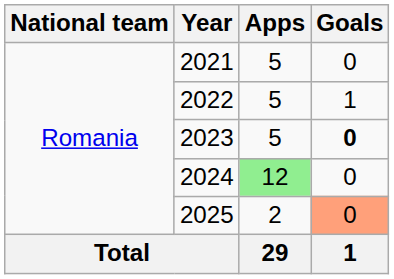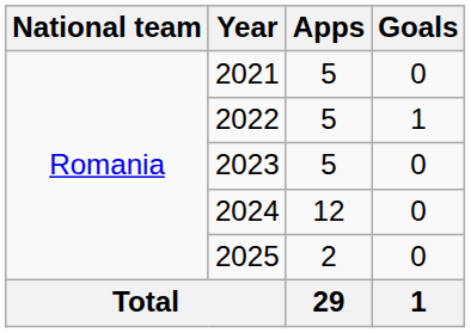 <table class="wikitable" style="text-align: center;">
 <tr>
 <th>National team</th>
 <th>Year</th>
 <th>Apps</th>
 <th>Goals</th>
 </tr>
 <tr>
 <td rowspan="5"><a href='#'>Romania</a></td>
 <td>2021</td>
 <td>5</td>
 <td>0</td>
 </tr>
 <tr>
 <td>2022</td>
 <td>5</td>
 <td>1</td>
 </tr>
 <tr>
 <td>2023</td>
 <td>5</td>
-<td><strong>0</strong></td>
+<td>0</td>
 </tr>
 <tr>
 <td>2024</td>
-<td style="background: lightgreen;">12</td>
+<td>12</td>
 <td>0</td>
 </tr>
 <tr>
 <td>2025</td>
 <td>2</td>
-<td style="background: lightsalmon;">0</td>
+<td>0</td>
 </tr>
 <tr>
 <th colspan="2">Total</th>
 <th>29</th>
 <th>1</th>
 </tr>
 </table>
